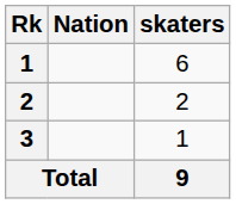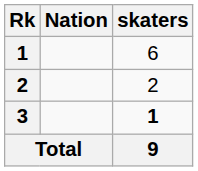 <table class="wikitable sortable" style="text-align: center;">
 <tr>
 <th>Rk</th>
 <th>Nation</th>
 <th>skaters</th>
 </tr>
 <tr>
 <th>1</th>
 <td></td>
 <td>6</td>
 </tr>
 <tr>
 <th>2</th>
 <td></td>
 <td>2</td>
 </tr>
 <tr>
 <th>3</th>
 <td></td>
-<td>1</td>
+<td><strong>1</strong></td>
 </tr>
 <tr class="sortbottom">
 <th colspan="2">Total</th>
 <th>9</th>
 </tr>
 </table>
